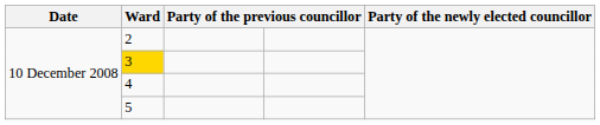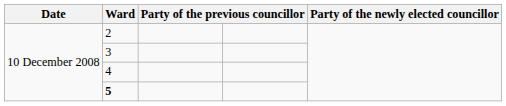 <table class="wikitable">
 <tr>
 <th>Date</th>
 <th>Ward</th>
 <th colspan=2>Party of the previous councillor</th>
 <th colspan=2>Party of the newly elected councillor</th>
 </tr>
 <tr>
 <td rowspan=4>10 December 2008</td>
 <td>2</td>
 <td></td>
 <td></td>
 </tr>
 <tr>
-<td style="background: gold;">3</td>
+<td>3</td>
 <td></td>
 <td></td>
 </tr>
 <tr>
 <td>4</td>
 <td></td>
 <td></td>
 </tr>
 <tr>
-<td>5</td>
+<td><strong>5</strong></td>
 <td></td>
 <td></td>
 </tr>
 </table>
